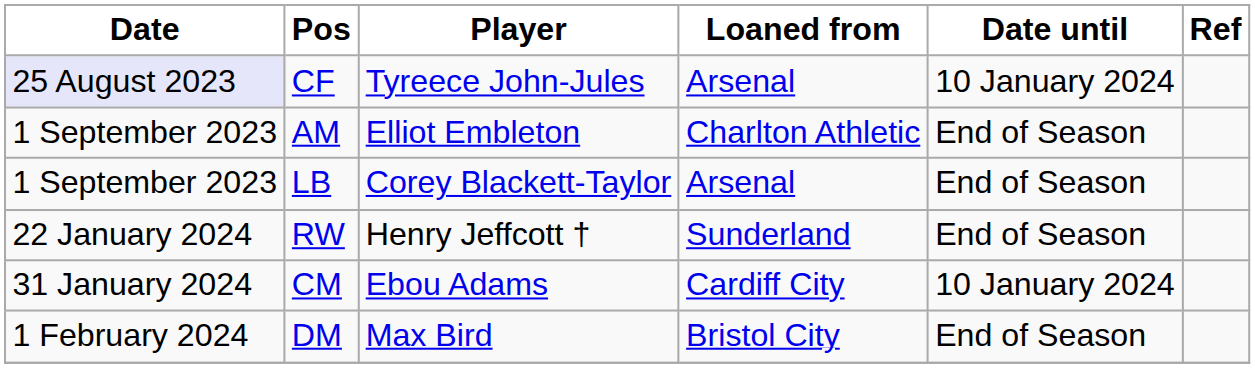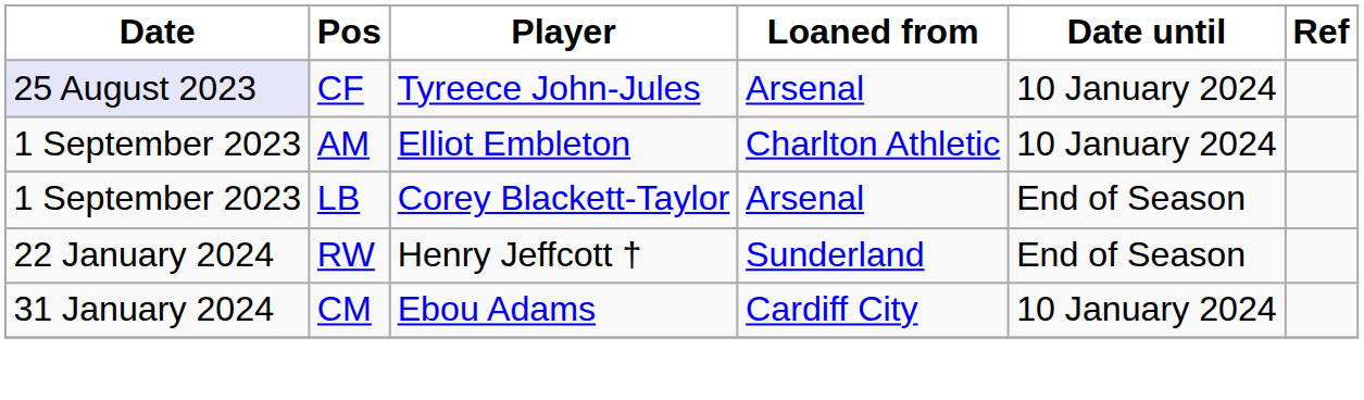 <table class="wikitable plainrowheaders sortable">
 <tr>
 <th style="color:#000000; background:#ffffff; ">Date</th>
 <th style="color:#000000; background:#ffffff; ">Pos</th>
 <th style="color:#000000; background:#ffffff; ">Player</th>
 <th style="color:#000000; background:#ffffff; ">Loaned from</th>
 <th style="color:#000000; background:#ffffff; ">Date until</th>
 <th style="color:#000000; background:#ffffff; ">Ref</th>
 </tr>
 <tr>
 <td style="background: lavender;">25 August 2023</td>
 <td><a href='#'>CF</a></td>
 <td> <a href='#'>Tyreece John-Jules</a></td>
 <td> <a href='#'>Arsenal</a></td>
 <td>10 January 2024</td>
 <td></td>
 </tr>
 <tr>
 <td>1 September 2023</td>
 <td><a href='#'>AM</a></td>
 <td> <a href='#'>Elliot Embleton</a></td>
 <td> <a href='#'>Charlton Athletic</a></td>
-<td>End of Season</td>
+<td>10 January 2024</td>
 <td></td>
 </tr>
 <tr>
 <td>1 September 2023</td>
 <td><a href='#'>LB</a></td>
 <td> <a href='#'>Corey Blackett-Taylor</a></td>
 <td> <a href='#'>Arsenal</a></td>
 <td>End of Season</td>
 <td></td>
 </tr>
 <tr>
 <td>22 January 2024</td>
 <td><a href='#'>RW</a></td>
 <td> Henry Jeffcott †</td>
 <td> <a href='#'>Sunderland</a></td>
 <td>End of Season</td>
 <td></td>
 </tr>
 <tr>
 <td>31 January 2024</td>
 <td><a href='#'>CM</a></td>
 <td> <a href='#'>Ebou Adams</a></td>
 <td> <a href='#'>Cardiff City</a></td>
 <td>10 January 2024</td>
 <td></td>
 </tr>
 <tr>
-<td>1 February 2024</td>
-<td><a href='#'>DM</a></td>
-<td> <a href='#'>Max Bird</a></td>
-<td> <a href='#'>Bristol City</a></td>
-<td>End of Season</td>
-<td></td>
-</tr>
-<tr>
 </tr>
 </table>
